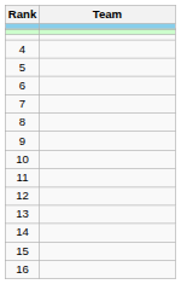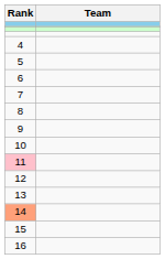 <table class="wikitable" style="text-align: center;">
 <tr>
 <th width=40>Rank</th>
 <th width=180>Team</th>
 </tr>
 <tr bgcolor=skyblue>
 <td></td>
 <td align=left></td>
 </tr>
 <tr>
 </tr>
 <tr bgcolor=#ccffcc>
 <td></td>
 <td align=left></td>
 </tr>
 <tr>
 <td></td>
 <td align=left></td>
 </tr>
 <tr>
 <td>4</td>
 <td align=left></td>
 </tr>
 <tr>
 <td>5</td>
 <td align=left></td>
 </tr>
 <tr>
 <td>6</td>
 <td align=left></td>
 </tr>
 <tr>
 <td>7</td>
 <td align=left></td>
 </tr>
 <tr>
 <td>8</td>
 <td align=left></td>
 </tr>
 <tr>
 <td>9</td>
 <td align=left></td>
 </tr>
 <tr>
 <td>10</td>
 <td align=left></td>
 </tr>
 <tr>
-<td>11</td>
+<td style="background: pink;">11</td>
 <td align=left></td>
 </tr>
 <tr>
 <td>12</td>
 <td align=left></td>
 </tr>
 <tr>
 <td>13</td>
 <td align=left></td>
 </tr>
 <tr>
-<td>14</td>
+<td style="background: lightsalmon;">14</td>
 <td align=left></td>
 </tr>
 <tr>
 <td>15</td>
 <td align=left></td>
 </tr>
 <tr>
 <td>16</td>
 <td align=left></td>
 </tr>
 </table>
